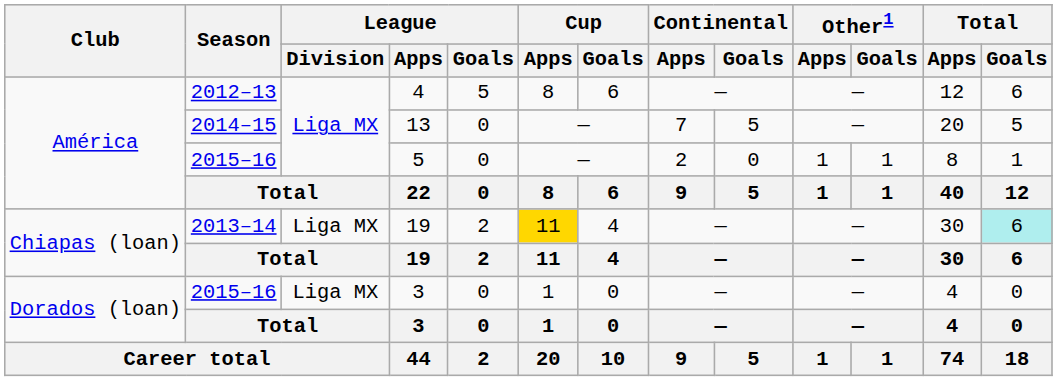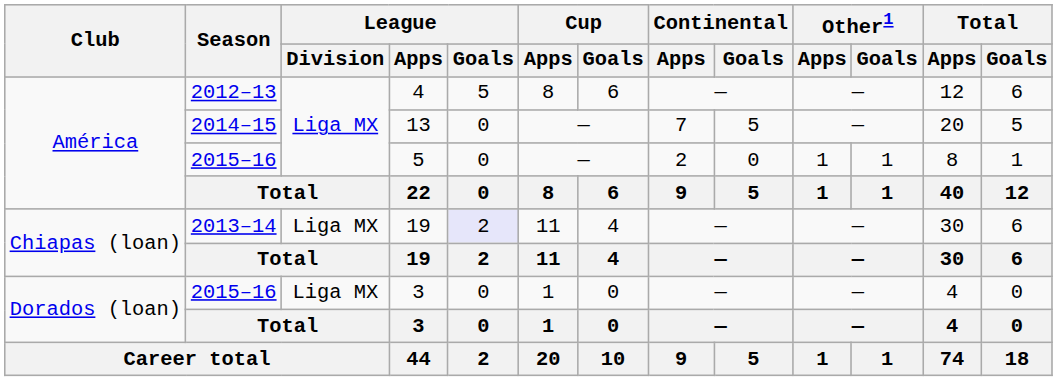 <table class="wikitable" style="text-align:center">
 <tr>
 <th rowspan="2">Club</th>
 <th rowspan="2">Season</th>
 <th colspan="3">League</th>
 <th colspan="2">Cup</th>
 <th colspan="2">Continental</th>
 <th colspan="2">Other<sup><strong><a href='#'>1</a></strong></sup></th>
 <th colspan="2">Total</th>
 </tr>
 <tr>
 <th>Division</th>
 <th>Apps</th>
 <th>Goals</th>
 <th>Apps</th>
 <th>Goals</th>
 <th>Apps</th>
 <th>Goals</th>
 <th>Apps</th>
 <th>Goals</th>
 <th>Apps</th>
 <th>Goals</th>
 </tr>
 <tr>
 <td rowspan="4"><a href='#'>América</a></td>
 <td><a href='#'>2012–13</a></td>
 <td rowspan="3"><a href='#'>Liga MX</a></td>
 <td>4</td>
 <td>5</td>
 <td>8</td>
 <td>6</td>
 <td colspan="2">—</td>
 <td colspan="2">—</td>
 <td>12</td>
 <td>6</td>
 </tr>
 <tr>
 <td><a href='#'>2014–15</a></td>
 <td>13</td>
 <td>0</td>
 <td colspan="2">—</td>
 <td>7</td>
 <td>5</td>
 <td colspan="2">—</td>
 <td>20</td>
 <td>5</td>
 </tr>
 <tr>
 <td><a href='#'>2015–16</a></td>
 <td>5</td>
 <td>0</td>
 <td colspan="2">—</td>
 <td>2</td>
 <td>0</td>
 <td>1</td>
 <td>1</td>
 <td>8</td>
 <td>1</td>
 </tr>
 <tr>
 <th colspan="2">Total</th>
 <th>22</th>
 <th>0</th>
 <th>8</th>
 <th>6</th>
 <th>9</th>
 <th>5</th>
 <th>1</th>
 <th>1</th>
 <th>40</th>
 <th>12</th>
 </tr>
 <tr>
 <td rowspan="2"><a href='#'>Chiapas</a> (loan)</td>
 <td><a href='#'>2013–14</a></td>
 <td>Liga MX</td>
 <td>19</td>
-<td>2</td>
-<td style="background: gold;">11</td>
+<td style="background: lavender;">2</td>
+<td>11</td>
 <td>4</td>
 <td colspan="2">—</td>
 <td colspan="2">—</td>
 <td>30</td>
-<td style="background: paleturquoise;">6</td>
+<td>6</td>
 </tr>
 <tr>
 <th colspan="2">Total</th>
 <th>19</th>
 <th>2</th>
 <th>11</th>
 <th>4</th>
 <th colspan="2">—</th>
 <th colspan="2">—</th>
 <th>30</th>
 <th>6</th>
 </tr>
 <tr>
 <td rowspan="2"><a href='#'>Dorados</a> (loan)</td>
 <td><a href='#'>2015–16</a></td>
 <td>Liga MX</td>
 <td>3</td>
 <td>0</td>
 <td>1</td>
 <td>0</td>
 <td colspan="2">—</td>
 <td colspan="2">—</td>
 <td>4</td>
 <td>0</td>
 </tr>
 <tr>
 <th colspan="2">Total</th>
 <th>3</th>
 <th>0</th>
 <th>1</th>
 <th>0</th>
 <th colspan="2">—</th>
 <th colspan="2">—</th>
 <th>4</th>
 <th>0</th>
 </tr>
 <tr>
 <th colspan="3">Career total</th>
 <th>44</th>
 <th>2</th>
 <th>20</th>
 <th>10</th>
 <th>9</th>
 <th>5</th>
 <th>1</th>
 <th>1</th>
 <th>74</th>
 <th>18</th>
 </tr>
 </table>
